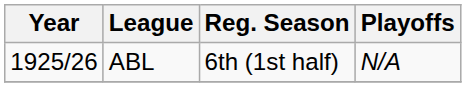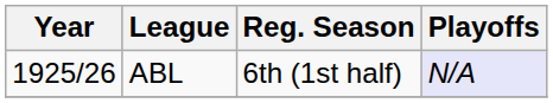 <table class="wikitable">
 <tr>
 <th>Year</th>
 <th>League</th>
 <th>Reg. Season</th>
 <th>Playoffs</th>
 </tr>
 <tr>
 <td>1925/26</td>
 <td>ABL</td>
 <td>6th (1st half)</td>
-<td><em>N/A</em></td>
+<td style="background: lavender;"><em>N/A</em></td>
 </tr>
 <tr>
 </tr>
 </table>
